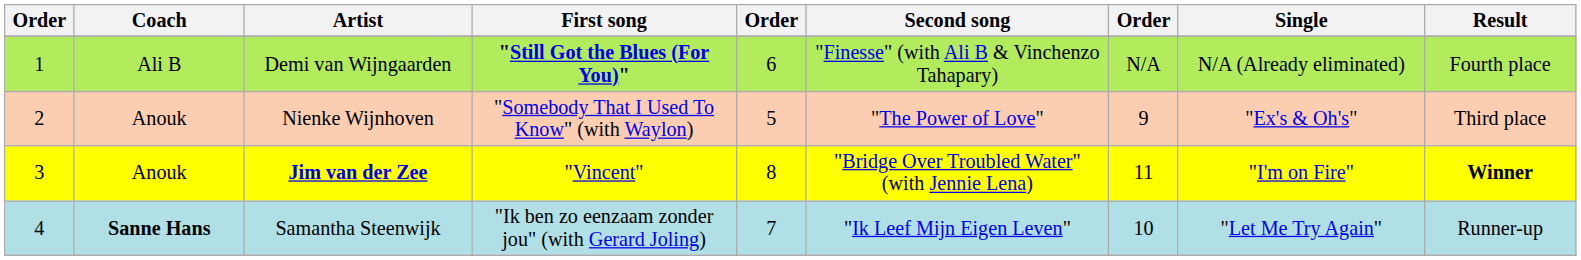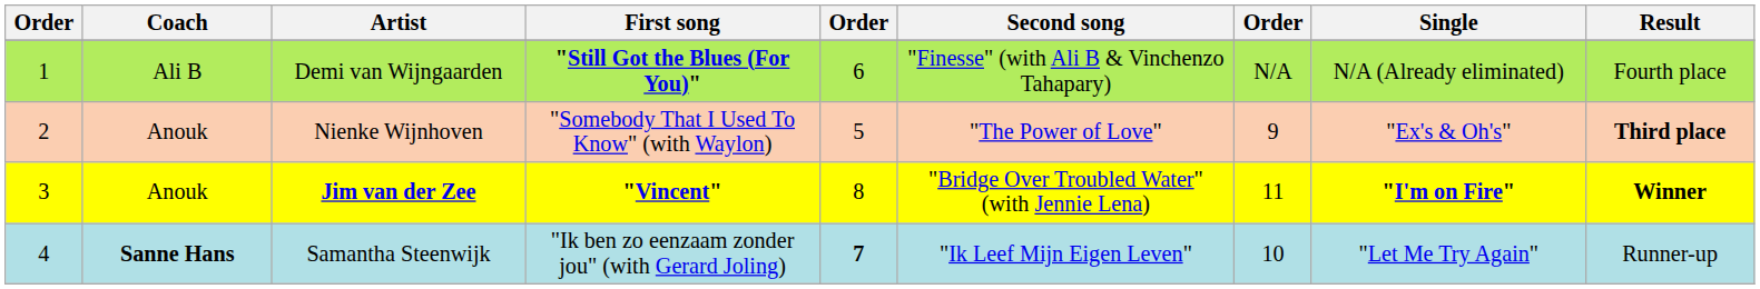 <table class="wikitable" style="text-align:center; width:100%%;">
 <tr>
 <th scope="col" width="02%">Order</th>
 <th scope="col" width="09%">Coach</th>
 <th scope="col" width="12%">Artist</th>
 <th scope="col" width="14%">First song</th>
 <th scope="col" width="02%">Order</th>
 <th scope="col" width="16%">Second song</th>
 <th scope="col" width="02%">Order</th>
 <th scope="col" width="13%">Single</th>
 <th scope="col" width="08%">Result</th>
 </tr>
 <tr>
 </tr>
 <tr>
 <td style="background:#B2EC5D">1</td>
 <td style="background:#B2EC5D">Ali B</td>
 <td style="background:#B2EC5D">Demi van Wijngaarden</td>
 <td style="background:#B2EC5D"><strong>"<a href='#'>Still Got the Blues (For You)</a>"</strong></td>
 <td style="background:#B2EC5D">6</td>
 <td style="background:#B2EC5D">"<a href='#'>Finesse</a>" (with <a href='#'>Ali B</a> & Vinchenzo Tahapary)</td>
 <td style="background:#B2EC5D">N/A</td>
 <td style="background:#B2EC5D">N/A (Already eliminated)</td>
 <td style="background:#B2EC5D">Fourth place</td>
 </tr>
 <tr>
 <td style="background:#FBCEB1">2</td>
 <td style="background:#FBCEB1">Anouk</td>
 <td style="background:#FBCEB1">Nienke Wijnhoven</td>
 <td style="background:#FBCEB1">"<a href='#'>Somebody That I Used To Know</a>" (with <a href='#'>Waylon</a>)</td>
 <td style="background:#FBCEB1">5</td>
 <td style="background:#FBCEB1">"<a href='#'>The Power of Love</a>"</td>
 <td style="background:#FBCEB1">9</td>
 <td style="background:#FBCEB1">"<a href='#'>Ex's & Oh's</a>"</td>
-<td style="background:#FBCEB1">Third place</td>
+<td style="background:#FBCEB1"><strong>Third place</strong></td>
 </tr>
 <tr>
 <td style="background:yellow">3</td>
 <td style="background:yellow">Anouk</td>
 <td style="background:yellow"><strong><a href='#'>Jim van der Zee</a></strong></td>
-<td style="background:yellow">"<a href='#'>Vincent</a>"</td>
+<td style="background:yellow"><strong>"<a href='#'>Vincent</a>"</strong></td>
 <td style="background:yellow">8</td>
 <td style="background:yellow">"<a href='#'>Bridge Over Troubled Water</a>" (with <a href='#'>Jennie Lena</a>)</td>
 <td style="background:yellow">11</td>
-<td style="background:yellow">"<a href='#'>I'm on Fire</a>"</td>
+<td style="background:yellow"><strong>"<a href='#'>I'm on Fire</a>"</strong></td>
 <td style="background:yellow"><strong>Winner</strong></td>
 </tr>
 <tr>
 <td style="background:#B0E0E6">4</td>
 <td style="background:#B0E0E6"><strong>Sanne Hans</strong></td>
 <td style="background:#B0E0E6">Samantha Steenwijk</td>
 <td style="background:#B0E0E6">"Ik ben zo eenzaam zonder jou" (with <a href='#'>Gerard Joling</a>)</td>
-<td style="background:#B0E0E6">7</td>
+<td style="background:#B0E0E6"><strong>7</strong></td>
 <td style="background:#B0E0E6">"<a href='#'>Ik Leef Mijn Eigen Leven</a>"</td>
 <td style="background:#B0E0E6">10</td>
 <td style="background:#B0E0E6">"<a href='#'>Let Me Try Again</a>"</td>
 <td style="background:#B0E0E6">Runner-up</td>
 </tr>
 <tr>
 </tr>
 </table>
